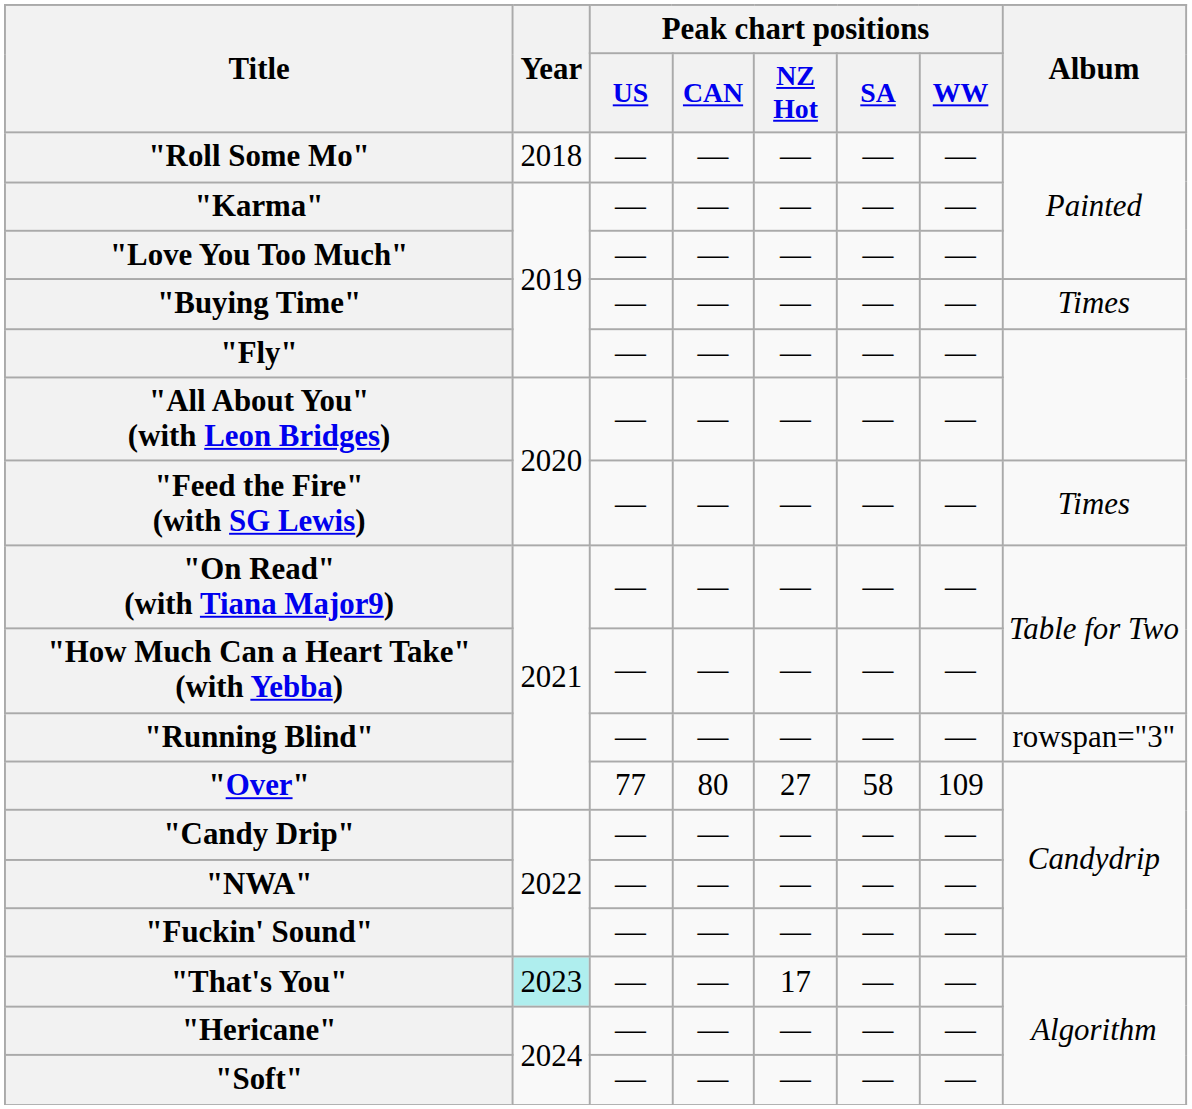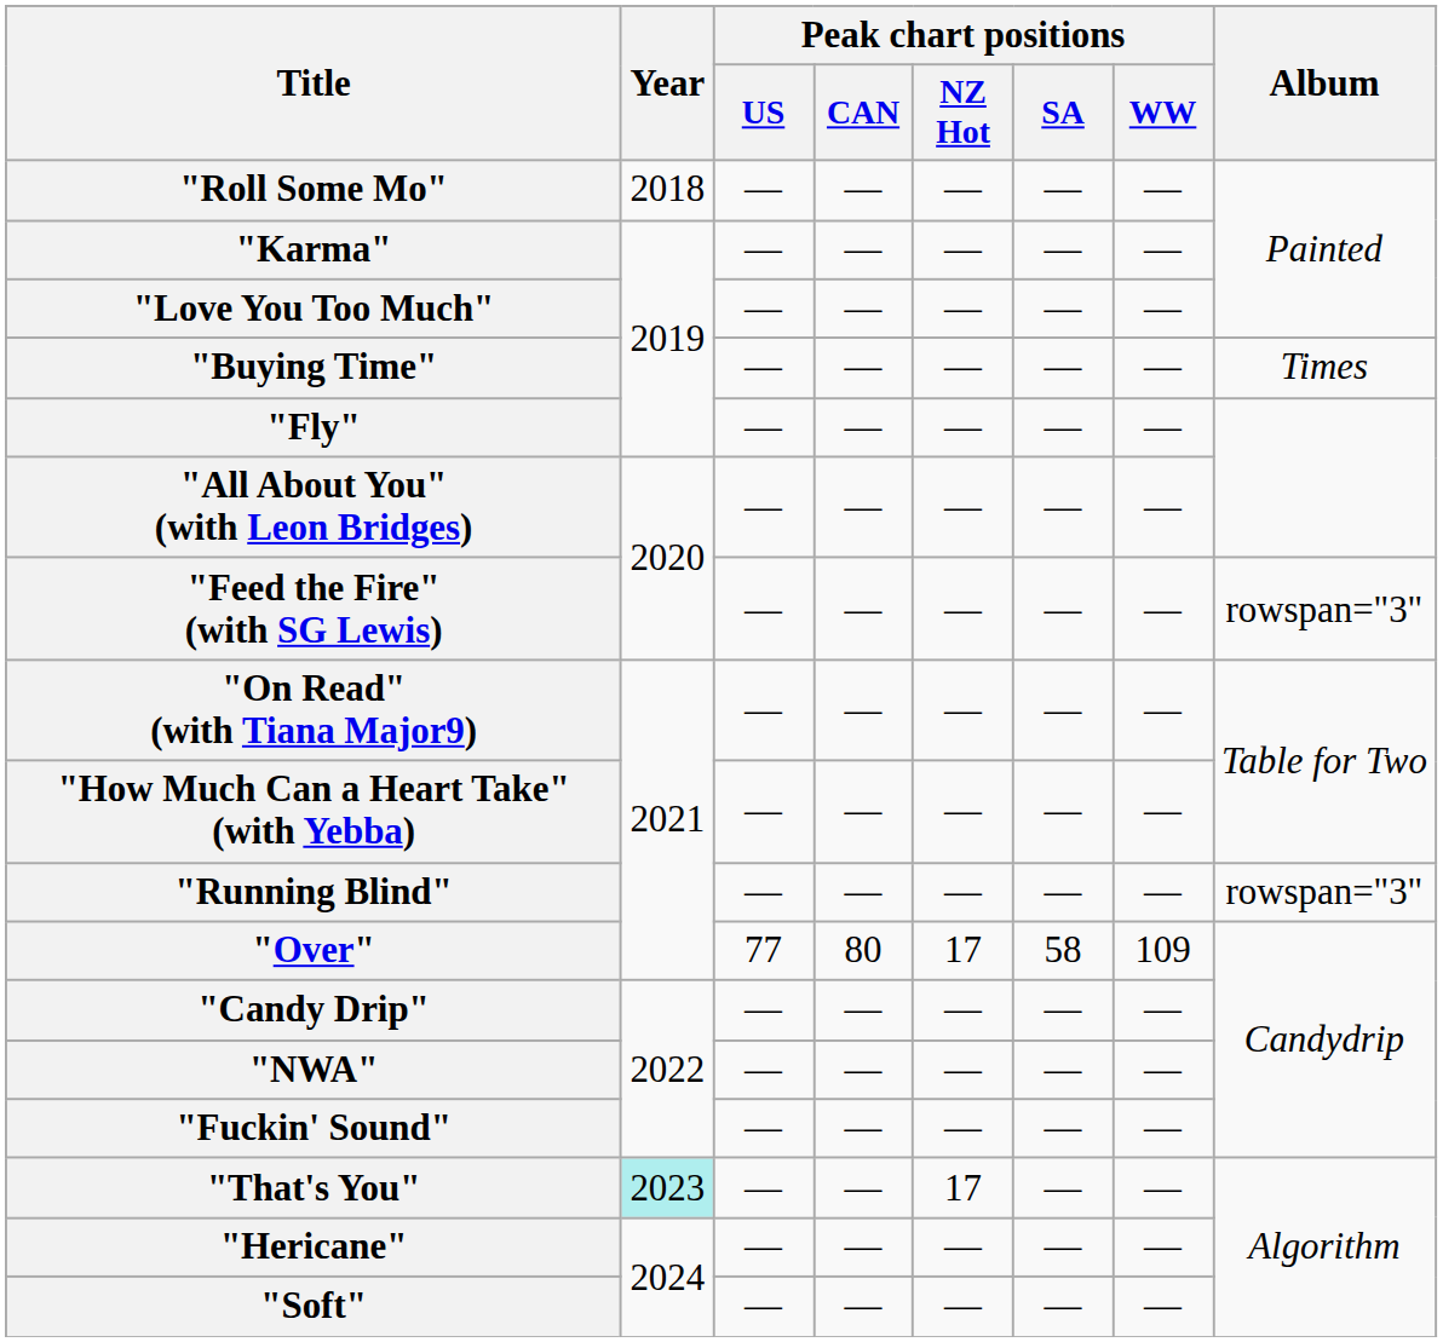 <table class="wikitable plainrowheaders" style="text-align:center;">
 <tr>
 <th scope="col" rowspan="2" style="width:16em;">Title</th>
 <th scope="col" rowspan="2" style="width:1em;">Year</th>
 <th scope="col" colspan="5">Peak chart positions</th>
 <th scope="col" rowspan="2">Album</th>
 </tr>
 <tr>
 <th scope="col" style="width:2.5em;font-size:90%;"><a href='#'>US</a><br></th>
 <th scope="col" style="width:2.5em;font-size:90%;"><a href='#'>CAN</a><br></th>
 <th scope="col" style="width:2.5em;font-size:90%;"><a href='#'>NZ<br>Hot</a><br></th>
 <th scope="col" style="width:2.5em;font-size:90%;"><a href='#'>SA</a><br></th>
 <th scope="col" style="width:2.5em;font-size:90%;"><a href='#'>WW</a><br></th>
 </tr>
 <tr>
 <th scope="row">"Roll Some Mo"</th>
 <td>2018</td>
 <td>—</td>
 <td>—</td>
 <td>—</td>
 <td>—</td>
 <td>—</td>
 <td rowspan="3"><em>Painted</em></td>
 </tr>
 <tr>
 <th scope="row">"Karma"</th>
 <td rowspan="4">2019</td>
 <td>—</td>
 <td>—</td>
 <td>—</td>
 <td>—</td>
 <td>—</td>
 </tr>
 <tr>
 <th scope="row">"Love You Too Much"</th>
 <td>—</td>
 <td>—</td>
 <td>—</td>
 <td>—</td>
 <td>—</td>
 </tr>
 <tr>
 <th scope="row">"Buying Time"</th>
 <td>—</td>
 <td>—</td>
 <td>—</td>
 <td>—</td>
 <td>—</td>
 <td><em>Times</em></td>
 </tr>
 <tr>
 <th scope="row">"Fly"</th>
 <td>—</td>
 <td>—</td>
 <td>—</td>
 <td>—</td>
 <td>—</td>
 </tr>
 <tr>
 <th scope="row">"All About You"<br><span>(with <a href='#'>Leon Bridges</a>)</span></th>
 <td rowspan="2">2020</td>
 <td>—</td>
 <td>—</td>
 <td>—</td>
 <td>—</td>
 <td>—</td>
 </tr>
 <tr>
 <th scope="row">"Feed the Fire" <br><span>(with <a href='#'>SG Lewis</a>)</span></th>
 <td>—</td>
 <td>—</td>
 <td>—</td>
 <td>—</td>
 <td>—</td>
-<td><em>Times</em></td>
+<td>rowspan="3" </td>
 </tr>
 <tr>
 <th scope="row">"On Read"<br><span>(with <a href='#'>Tiana Major9</a>)</span></th>
 <td rowspan="4">2021</td>
 <td>—</td>
 <td>—</td>
 <td>—</td>
 <td>—</td>
 <td>—</td>
 <td rowspan="2"><em>Table for Two</em></td>
 </tr>
 <tr>
 <th scope="row">"How Much Can a Heart Take"<br><span>(with <a href='#'>Yebba</a>)</span></th>
 <td>—</td>
 <td>—</td>
 <td>—</td>
 <td>—</td>
 <td>—</td>
 </tr>
 <tr>
 <th scope="row">"Running Blind"</th>
 <td>—</td>
 <td>—</td>
 <td>—</td>
 <td>—</td>
 <td>—</td>
 <td>rowspan="3" </td>
 </tr>
 <tr>
 <th scope="row">"<a href='#'>Over</a>"</th>
 <td>77</td>
 <td>80</td>
-<td>27</td>
+<td>17</td>
 <td>58</td>
 <td>109</td>
 <td rowspan="4"><em>Candydrip</em></td>
 </tr>
 <tr>
 <th scope="row">"Candy Drip"</th>
 <td rowspan="3">2022</td>
 <td>—</td>
 <td>—</td>
 <td>—</td>
 <td>—</td>
 <td>—</td>
 </tr>
 <tr>
 <th scope="row">"NWA"</th>
 <td>—</td>
 <td>—</td>
 <td>—</td>
 <td>—</td>
 <td>—</td>
 </tr>
 <tr>
 <th scope="row">"Fuckin' Sound"</th>
 <td>—</td>
 <td>—</td>
 <td>—</td>
 <td>—</td>
 <td>—</td>
 </tr>
 <tr>
 <th scope="row">"That's You"</th>
 <td style="background: paleturquoise;">2023</td>
 <td>—</td>
 <td>—</td>
 <td>17</td>
 <td>—</td>
 <td>—</td>
 <td rowspan="3"><em>Algorithm</em></td>
 </tr>
 <tr>
 <th scope="row">"Hericane"</th>
 <td rowspan="2">2024</td>
 <td>—</td>
 <td>—</td>
 <td>—</td>
 <td>—</td>
 <td>—</td>
 </tr>
 <tr>
 <th scope="row">"Soft"</th>
 <td>—</td>
 <td>—</td>
 <td>—</td>
 <td>—</td>
 <td>—</td>
 </tr>
 </table>
